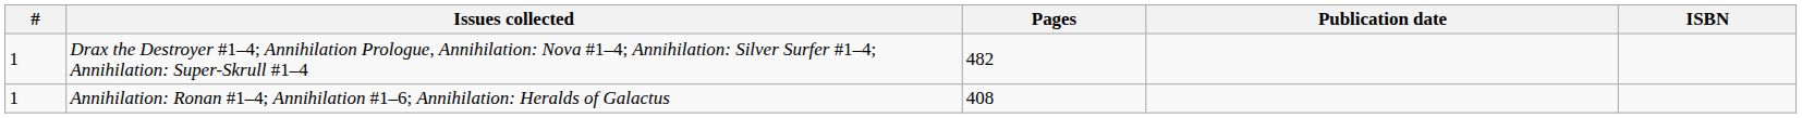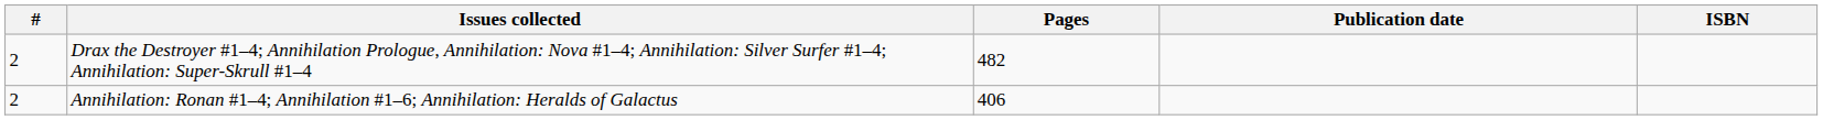 <table class="wikitable sortable" width=98%>
 <tr>
 <th class="unsortable">#</th>
 <th class="unsortable" width="50%">Issues collected</th>
 <th>Pages</th>
 <th>Publication date</th>
 <th class="unsortable">ISBN</th>
 </tr>
 <tr>
-<td>1</td>
+<td>2</td>
 <td><em>Drax the Destroyer</em> #1–4; <em>Annihilation Prologue</em>, <em>Annihilation: Nova</em> #1–4; <em>Annihilation: Silver Surfer</em> #1–4; <em>Annihilation: Super-Skrull</em> #1–4</td>
 <td>482</td>
 <td></td>
 <td></td>
 </tr>
 <tr>
-<td>1</td>
+<td>2</td>
 <td><em>Annihilation: Ronan</em> #1–4; <em>Annihilation</em> #1–6; <em>Annihilation: Heralds of Galactus</em></td>
-<td>408</td>
+<td>406</td>
 <td></td>
 <td></td>
 </tr>
 </table>
